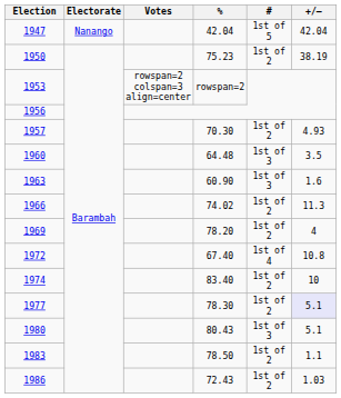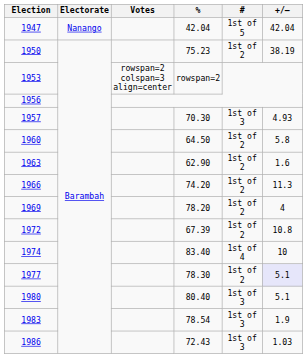 <table class="wikitable" style="font-size:95%; text-align:center;">
 <tr>
 <th width="75">Election</th>
 <th width="75">Electorate</th>
 <th width="70">Votes</th>
 <th width="35">%</th>
 <th width="55">#</th>
 <th width="55">+/–</th>
 </tr>
 <tr>
 <td><a href='#'>1947</a></td>
 <td><a href='#'>Nanango</a></td>
 <td></td>
 <td>42.04</td>
 <td>1st of 5</td>
 <td> 42.04</td>
 </tr>
 <tr>
 <td><a href='#'>1950</a></td>
 <td rowspan=14><a href='#'>Barambah</a></td>
 <td></td>
 <td>75.23</td>
 <td>1st of 2</td>
 <td> 38.19</td>
 </tr>
 <tr>
 <td><a href='#'>1953</a></td>
 <td>rowspan=2 colspan=3 align=center </td>
 <td>rowspan=2 </td>
 </tr>
 <tr>
 <td><a href='#'>1956</a></td>
 </tr>
 <tr>
 <td><a href='#'>1957</a></td>
 <td></td>
 <td>70.30</td>
-<td>1st of 2</td>
+<td>1st of 3</td>
 <td> 4.93</td>
 </tr>
 <tr>
 <td><a href='#'>1960</a></td>
 <td></td>
-<td>64.48</td>
-<td>1st of 3</td>
-<td> 3.5</td>
+<td>64.50</td>
+<td>1st of 2</td>
+<td> 5.8</td>
 </tr>
 <tr>
 <td><a href='#'>1963</a></td>
 <td></td>
-<td>60.90</td>
-<td>1st of 3</td>
+<td>62.90</td>
+<td>1st of 2</td>
 <td> 1.6</td>
 </tr>
 <tr>
 <td><a href='#'>1966</a></td>
 <td></td>
-<td>74.02</td>
+<td>74.20</td>
 <td>1st of 2</td>
 <td> 11.3</td>
 </tr>
 <tr>
 <td><a href='#'>1969</a></td>
 <td></td>
 <td>78.20</td>
 <td>1st of 2</td>
 <td> 4</td>
 </tr>
 <tr>
 <td><a href='#'>1972</a></td>
 <td></td>
-<td>67.40</td>
-<td>1st of 4</td>
+<td>67.39</td>
+<td>1st of 2</td>
 <td> 10.8</td>
 </tr>
 <tr>
 <td><a href='#'>1974</a></td>
 <td></td>
 <td>83.40</td>
-<td>1st of 2</td>
+<td>1st of 4</td>
 <td> 10</td>
 </tr>
 <tr>
 <td><a href='#'>1977</a></td>
 <td></td>
 <td>78.30</td>
 <td>1st of 2</td>
 <td style="background: lavender;"> 5.1</td>
 </tr>
 <tr>
 <td><a href='#'>1980</a></td>
 <td></td>
-<td>80.43</td>
+<td>80.40</td>
 <td>1st of 3</td>
 <td> 5.1</td>
 </tr>
 <tr>
 <td><a href='#'>1983</a></td>
 <td></td>
-<td>78.50</td>
-<td>1st of 2</td>
-<td> 1.1</td>
+<td>78.54</td>
+<td>1st of 3</td>
+<td> 1.9</td>
 </tr>
 <tr>
 <td><a href='#'>1986</a></td>
 <td></td>
 <td>72.43</td>
-<td>1st of 2</td>
+<td>1st of 3</td>
 <td> 1.03</td>
 </tr>
 </table>
